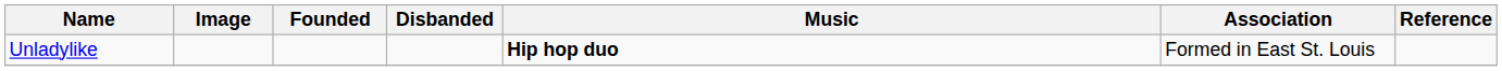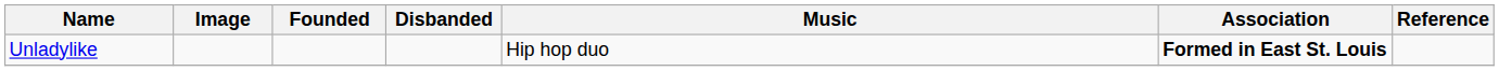 <table class="wikitable sortable">
 <tr>
 <th scope="col" width="140">Name</th>
 <th scope="col" width="80" class="unsortable">Image</th>
 <th scope="col" width="90">Founded</th>
 <th scope="col" width="90">Disbanded</th>
 <th scope="col" width="600" class="unsortable">Music</th>
 <th scope="col" width="200" class="unsortable">Association</th>
 <th scope="col" width="30" class="unsortable">Reference</th>
 </tr>
 <tr>
 <td><a href='#'>Unladylike</a></td>
 <td></td>
 <td align=right></td>
 <td align=right></td>
-<td><strong>Hip hop duo</strong></td>
-<td>Formed in East St. Louis</td>
+<td>Hip hop duo</td>
+<td><strong>Formed in East St. Louis</strong></td>
 <td align="center"></td>
 </tr>
 <tr>
 </tr>
 </table>
